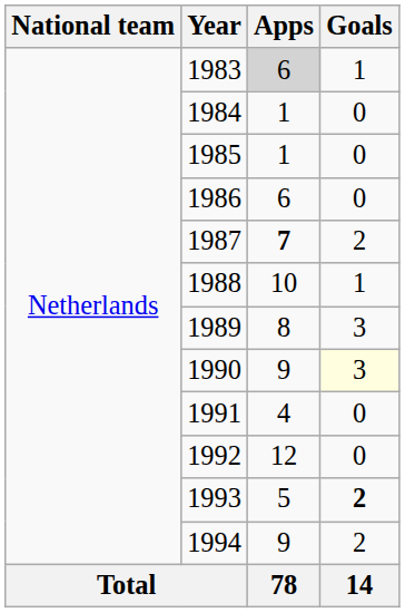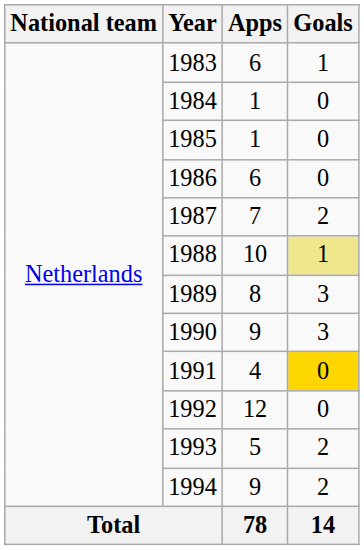 <table class="wikitable" style="text-align: center;">
 <tr>
 <th>National team</th>
 <th>Year</th>
 <th>Apps</th>
 <th>Goals</th>
 </tr>
 <tr>
 <td rowspan="12"><a href='#'>Netherlands</a></td>
 <td>1983</td>
-<td style="background: lightgrey;">6</td>
+<td>6</td>
 <td>1</td>
 </tr>
 <tr>
 <td>1984</td>
 <td>1</td>
 <td>0</td>
 </tr>
 <tr>
 <td>1985</td>
 <td>1</td>
 <td>0</td>
 </tr>
 <tr>
 <td>1986</td>
 <td>6</td>
 <td>0</td>
 </tr>
 <tr>
 <td>1987</td>
-<td><strong>7</strong></td>
+<td>7</td>
 <td>2</td>
 </tr>
 <tr>
 <td>1988</td>
 <td>10</td>
-<td>1</td>
+<td style="background: khaki;">1</td>
 </tr>
 <tr>
 <td>1989</td>
 <td>8</td>
 <td>3</td>
 </tr>
 <tr>
 <td>1990</td>
 <td>9</td>
-<td style="background: lightyellow;">3</td>
+<td>3</td>
 </tr>
 <tr>
 <td>1991</td>
 <td>4</td>
-<td>0</td>
+<td style="background: gold;">0</td>
 </tr>
 <tr>
 <td>1992</td>
 <td>12</td>
 <td>0</td>
 </tr>
 <tr>
 <td>1993</td>
 <td>5</td>
-<td><strong>2</strong></td>
+<td>2</td>
 </tr>
 <tr>
 <td>1994</td>
 <td>9</td>
 <td>2</td>
 </tr>
 <tr>
 <th colspan="2">Total</th>
 <th>78</th>
 <th>14</th>
 </tr>
 </table>
